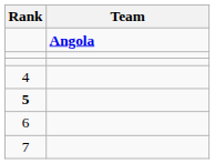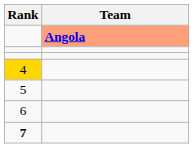 <table class=wikitable style="text-align:center;">
 <tr>
 <th>Rank</th>
 <th width=170>Team</th>
 </tr>
 <tr>
 <td></td>
-<td align=left> <strong><a href='#'>Angola</a></strong></td>
+<td align=left style="background: lightsalmon;"> <strong><a href='#'>Angola</a></strong></td>
 </tr>
 <tr>
 <td></td>
 <td align=left></td>
 </tr>
 <tr>
 <td></td>
 <td align=left></td>
 </tr>
 <tr>
-<td>4</td>
+<td style="background: gold;">4</td>
 <td align=left></td>
 </tr>
 <tr>
-<td><strong>5</strong></td>
+<td>5</td>
 <td align=left></td>
 </tr>
 <tr>
 <td>6</td>
 <td align=left></td>
 </tr>
 <tr>
-<td>7</td>
+<td><strong>7</strong></td>
 <td align=left></td>
 </tr>
 </table>
